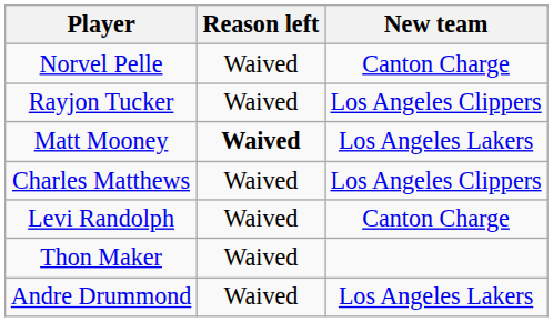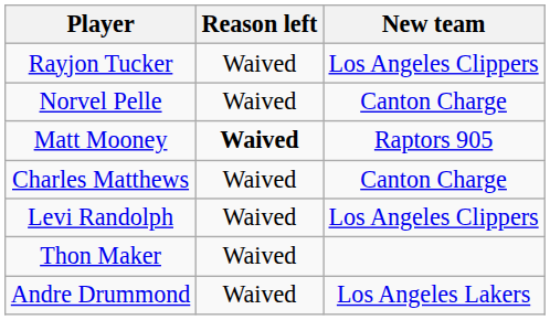 <table class="wikitable sortable sortable" style="text-align: center">
 <tr>
 <th>Player</th>
 <th>Reason left</th>
 <th>New team</th>
 </tr>
 <tr>
+<td><a href='#'>Rayjon Tucker</a></td>
+<td>Waived</td>
+<td><a href='#'>Los Angeles Clippers</a></td>
+</tr>
+<tr>
 <td><a href='#'>Norvel Pelle</a></td>
 <td>Waived</td>
 <td><a href='#'>Canton Charge</a></td>
 </tr>
 <tr>
-<td><a href='#'>Rayjon Tucker</a></td>
-<td>Waived</td>
-<td><a href='#'>Los Angeles Clippers</a></td>
-</tr>
-<tr>
 <td><a href='#'>Matt Mooney</a></td>
 <td><strong>Waived</strong></td>
-<td><a href='#'>Los Angeles Lakers</a></td>
+<td><a href='#'>Raptors 905</a></td>
 </tr>
 <tr>
 <td><a href='#'>Charles Matthews</a></td>
 <td>Waived</td>
-<td><a href='#'>Los Angeles Clippers</a></td>
+<td><a href='#'>Canton Charge</a></td>
 </tr>
 <tr>
 <td><a href='#'>Levi Randolph</a></td>
 <td>Waived</td>
-<td><a href='#'>Canton Charge</a></td>
+<td><a href='#'>Los Angeles Clippers</a></td>
 </tr>
 <tr>
 <td><a href='#'>Thon Maker</a></td>
 <td>Waived</td>
 <td></td>
 </tr>
 <tr>
 <td><a href='#'>Andre Drummond</a></td>
 <td>Waived</td>
 <td><a href='#'>Los Angeles Lakers</a></td>
 </tr>
 </table>
